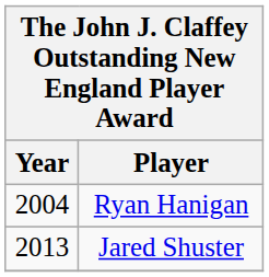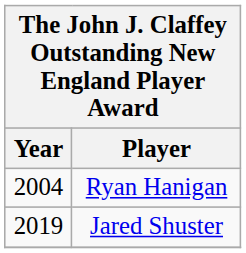 <table class="wikitable" style="display: inline-table; margin-right: 20px; text-align:center">
 <tr>
 <th scope="col" colspan="2" style="width: 145px;">The John J. Claffey Outstanding New England Player Award</th>
 </tr>
 <tr>
 <th scope="col">Year</th>
 <th scope="col">Player</th>
 </tr>
 <tr>
 <td>2004</td>
 <td><a href='#'>Ryan Hanigan</a></td>
 </tr>
 <tr>
-<td>2013</td>
+<td>2019</td>
 <td><a href='#'>Jared Shuster</a></td>
 </tr>
 <tr>
 </tr>
 </table>
